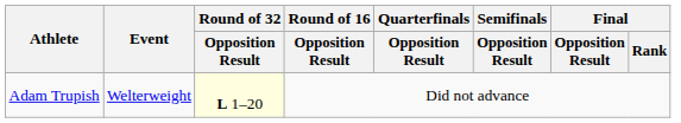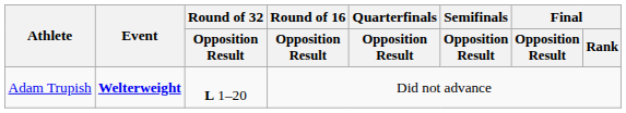 <table class="wikitable" style="font-size:90%">
 <tr>
 <th rowspan="2">Athlete</th>
 <th rowspan="2">Event</th>
 <th>Round of 32</th>
 <th>Round of 16</th>
 <th>Quarterfinals</th>
 <th>Semifinals</th>
 <th colspan=2>Final</th>
 </tr>
 <tr style="font-size:95%">
 <th>Opposition<br>Result</th>
 <th>Opposition<br>Result</th>
 <th>Opposition<br>Result</th>
 <th>Opposition<br>Result</th>
 <th>Opposition<br>Result</th>
 <th>Rank</th>
 </tr>
 <tr align=center>
 <td align=left><a href='#'>Adam Trupish</a></td>
-<td align=left><a href='#'>Welterweight</a></td>
-<td style="background: lightyellow;"><br><strong>L</strong> 1–20</td>
+<td align=left><strong><a href='#'>Welterweight</a></strong></td>
+<td><br><strong>L</strong> 1–20</td>
 <td colspan=5>Did not advance</td>
 </tr>
 </table>
